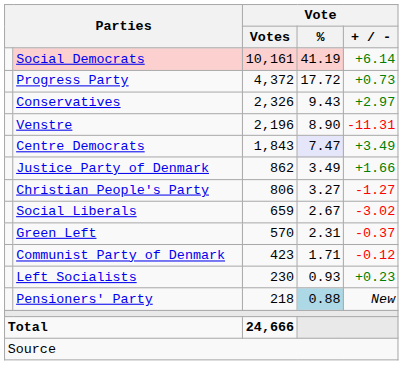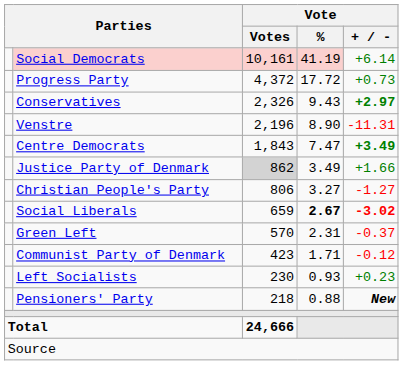 <table class="wikitable" style="text-align:right;">
 <tr>
 <th style="text-align:centre;" rowspan="2" colspan="2" width="225">Parties</th>
 <th colspan="3">Vote</th>
 </tr>
 <tr>
 <th width="15">Votes</th>
 <th width="15">%</th>
 <th width="15">+ / -</th>
 </tr>
 <tr>
 <td width="2" style="color:inherit;background:"></td>
 <td bgcolor=#fbd0ce  align="left"><a href='#'>Social Democrats</a></td>
 <td bgcolor=#fbd0ce>10,161</td>
 <td bgcolor=#fbd0ce>41.19</td>
 <td style=color:green;>+6.14</td>
 </tr>
 <tr>
 <td width="2" style="color:inherit;background:"></td>
 <td align="left"><a href='#'>Progress Party</a></td>
 <td>4,372</td>
 <td>17.72</td>
 <td style=color:green;>+0.73</td>
 </tr>
 <tr>
 <td width="2" style="color:inherit;background:"></td>
 <td align="left"><a href='#'>Conservatives</a></td>
 <td>2,326</td>
 <td>9.43</td>
-<td style=color:green;>+2.97</td>
+<td style=color:green;><strong>+2.97</strong></td>
 </tr>
 <tr>
 <td width="2" style="color:inherit;background:"></td>
 <td align="left"><a href='#'>Venstre</a></td>
 <td>2,196</td>
 <td>8.90</td>
 <td style=color:red;>-11.31</td>
 </tr>
 <tr>
 <td width="2" style="color:inherit;background:"></td>
 <td align="left"><a href='#'>Centre Democrats</a></td>
 <td>1,843</td>
-<td style="background: lavender;">7.47</td>
-<td style=color:green;>+3.49</td>
+<td>7.47</td>
+<td style=color:green;><strong>+3.49</strong></td>
 </tr>
 <tr>
 <td width="2" style="color:inherit;background:"></td>
 <td align="left"><a href='#'>Justice Party of Denmark</a></td>
-<td>862</td>
+<td style="background: lightgrey;">862</td>
 <td>3.49</td>
 <td style=color:green;>+1.66</td>
 </tr>
 <tr>
 <td width="2" style="color:inherit;background:"></td>
 <td align="left"><a href='#'>Christian People's Party</a></td>
 <td>806</td>
 <td>3.27</td>
 <td style=color:red;>-1.27</td>
 </tr>
 <tr>
 <td width="2" style="color:inherit;background:"></td>
 <td align="left"><a href='#'>Social Liberals</a></td>
 <td>659</td>
-<td>2.67</td>
-<td style=color:red;>-3.02</td>
+<td><strong>2.67</strong></td>
+<td style=color:red;><strong>-3.02</strong></td>
 </tr>
 <tr>
 <td width="2" style="color:inherit;background:"></td>
 <td align="left"><a href='#'>Green Left</a></td>
 <td>570</td>
 <td>2.31</td>
 <td style=color:red;>-0.37</td>
 </tr>
 <tr>
 <td width="2" style="color:inherit;background:"></td>
 <td align="left"><a href='#'>Communist Party of Denmark</a></td>
 <td>423</td>
 <td>1.71</td>
 <td style=color:red;>-0.12</td>
 </tr>
 <tr>
 <td width="2" style="color:inherit;background:"></td>
 <td align="left"><a href='#'>Left Socialists</a></td>
 <td>230</td>
 <td>0.93</td>
 <td style=color:green;>+0.23</td>
 </tr>
 <tr>
 <td width="2" style="color:inherit;background:"></td>
 <td align="left"><a href='#'>Pensioners' Party</a></td>
 <td>218</td>
-<td style="background: lightblue;">0.88</td>
-<td><em>New</em></td>
+<td>0.88</td>
+<td><strong><em>New</em></strong></td>
 </tr>
 <tr>
 <td colspan="7" bgcolor="#E9E9E9"></td>
 </tr>
 <tr>
 <td align="left" colspan="2"><strong>Total</strong></td>
 <td><strong>24,666</strong></td>
 <td bgcolor="#E9E9E9" colspan="2"></td>
 </tr>
 <tr>
 <td align="left" colspan="6">Source</td>
 </tr>
 </table>
